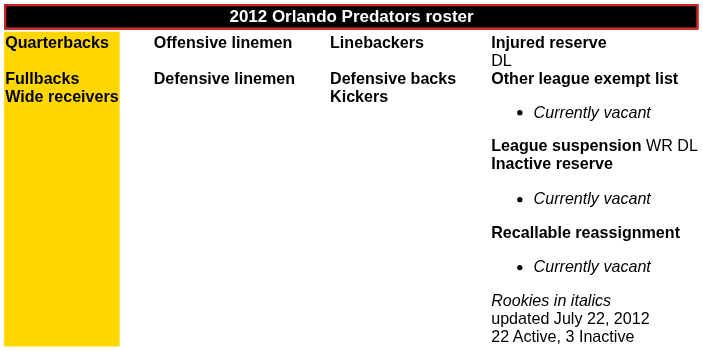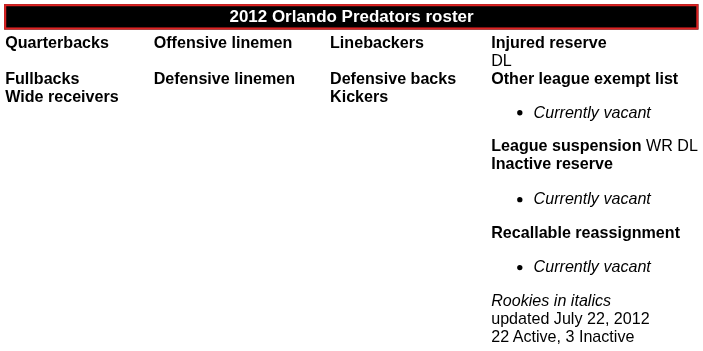 <table class="toccolours" style="text-align: left;">
 <tr>
 <th colspan=7 style="background:black; border: 2px solid #d22; color:white; text-align:center;"><strong>2012 Orlando Predators roster</strong></th>
 </tr>
 <tr>
-<td style="background: gold; font-size: 95%;" valign="top"><strong>Quarterbacks</strong><br> <br><strong>Fullbacks</strong> <br><strong>Wide receivers</strong>   </td>
+<td style="font-size: 95%;" valign="top"><strong>Quarterbacks</strong><br> <br><strong>Fullbacks</strong> <br><strong>Wide receivers</strong>   </td>
 <td style="width: 25px;"></td>
 <td style="font-size: 95%;" valign="top"><strong>Offensive linemen</strong><br>   <br><strong>Defensive linemen</strong>    </td>
 <td style="width: 25px;"></td>
 <td style="font-size: 95%;" valign="top"><strong>Linebackers</strong><br> <br><strong>Defensive backs</strong>     <br><strong>Kickers</strong> </td>
 <td style="width: 25px;"></td>
 <td style="font-size: 95%;" valign="top"><strong>Injured reserve</strong><br> DL<br><strong>Other league exempt list</strong><ul><li><em>Currently vacant</em></li></ul><strong>League suspension</strong>  WR  DL<br><strong>Inactive reserve</strong><ul><li><em>Currently vacant</em></li></ul><strong>Recallable reassignment</strong><ul><li><em>Currently vacant</em></li></ul> <em>Rookies in italics</em><br> <span></span> updated July 22, 2012<br> 22 Active, 3 Inactive </td>
 </tr>
 </table>
